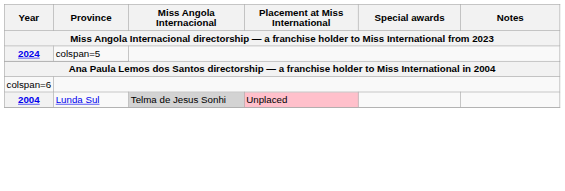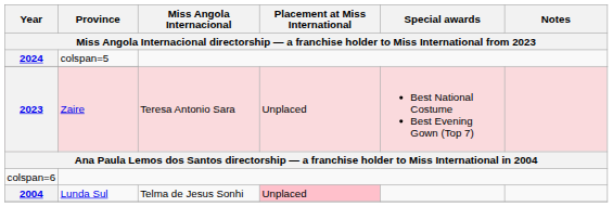 <table class="wikitable " style="font-size: 95%;">
 <tr>
 <th width="60">Year</th>
 <th width="150">Province</th>
 <th width="250">Miss Angola Internacional</th>
 <th width="250">Placement at Miss International</th>
 <th width="250">Special awards</th>
 <th width="250">Notes</th>
 </tr>
 <tr>
 <th colspan="6">Miss Angola Internacional directorship — a franchise holder to Miss International from 2023</th>
 </tr>
 <tr>
 <th><a href='#'>2024</a></th>
 <td>colspan=5 </td>
 </tr>
 <tr>
 </tr>
+<tr style="background-color:#FADADD; ">
+<th><a href='#'>2023</a></th>
+<td><a href='#'>Zaire</a></td>
+<td>Teresa Antonio Sara</td>
+<td>Unplaced</td>
+<td align="left"><br><ul><li>Best National Costume</li><li>Best Evening Gown (Top 7)</li></ul></td>
+<td></td>
+</tr>
 <tr>
 <th colspan="6">Ana Paula Lemos dos Santos directorship — a franchise holder to Miss International in 2004</th>
 </tr>
 <tr>
 <td>colspan=6 </td>
 </tr>
 <tr>
 <th><a href='#'>2004</a></th>
 <td><a href='#'>Lunda Sul</a></td>
-<td style="background: lightgrey;">Telma de Jesus Sonhi</td>
+<td>Telma de Jesus Sonhi</td>
 <td style="background: pink;">Unplaced</td>
 <td></td>
 <td></td>
 </tr>
 <tr>
 </tr>
 </table>
